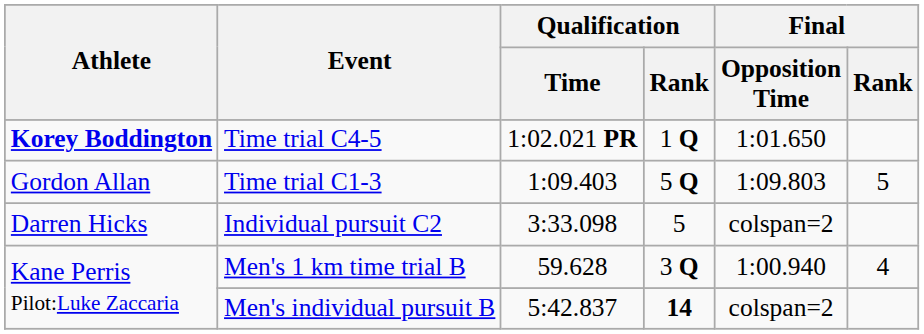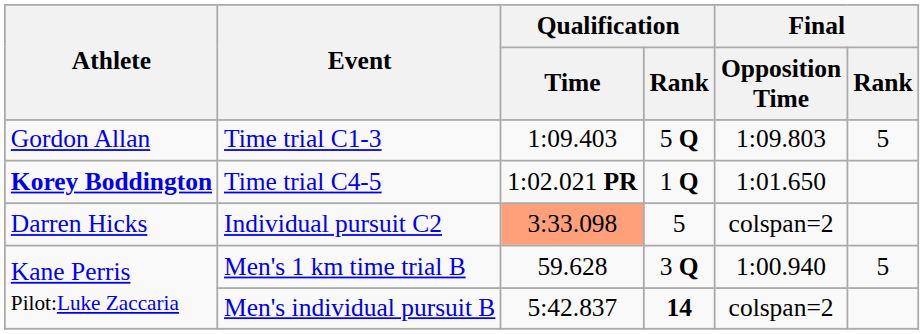 <table class=wikitable style="font-size:90%">
 <tr>
 <th rowspan="2">Athlete</th>
 <th rowspan="2">Event</th>
 <th colspan="2">Qualification</th>
 <th colspan="2">Final</th>
 </tr>
 <tr>
 <th>Time</th>
 <th>Rank</th>
 <th>Opposition<br>Time</th>
 <th>Rank</th>
 </tr>
 <tr align=center>
+<td align=left><a href='#'>Gordon Allan</a></td>
+<td align=left><a href='#'>Time trial C1-3</a></td>
+<td>1:09.403</td>
+<td>5 <strong>Q</strong></td>
+<td>1:09.803</td>
+<td>5</td>
+</tr>
+<tr align=center>
 <td align=left><strong><a href='#'>Korey Boddington</a></strong></td>
 <td align=left><a href='#'>Time trial C4-5</a></td>
 <td>1:02.021 <strong>PR</strong></td>
 <td>1 <strong>Q</strong></td>
 <td>1:01.650</td>
 <td></td>
 </tr>
 <tr align=center>
-<td align=left><a href='#'>Gordon Allan</a></td>
-<td align=left><a href='#'>Time trial C1-3</a></td>
-<td>1:09.403</td>
-<td>5 <strong>Q</strong></td>
-<td>1:09.803</td>
-<td>5</td>
-</tr>
-<tr align=center>
 <td align=left><a href='#'>Darren Hicks</a></td>
 <td align=left><a href='#'>Individual pursuit C2</a></td>
-<td>3:33.098</td>
+<td style="background: lightsalmon;">3:33.098</td>
 <td>5</td>
 <td>colspan=2 </td>
 </tr>
 <tr align=center>
 <td align=left rowspan=2><a href='#'>Kane Perris</a><br><small>Pilot:<a href='#'>Luke Zaccaria</a></small></td>
 <td align=left><a href='#'>Men's 1 km time trial B</a></td>
 <td>59.628</td>
 <td>3 <strong>Q</strong></td>
 <td>1:00.940</td>
-<td>4</td>
+<td>5</td>
 </tr>
 <tr align=center>
 <td align=left><a href='#'>Men's individual pursuit B</a></td>
 <td>5:42.837</td>
 <td><strong>14</strong></td>
 <td>colspan=2 </td>
 </tr>
 </table>
